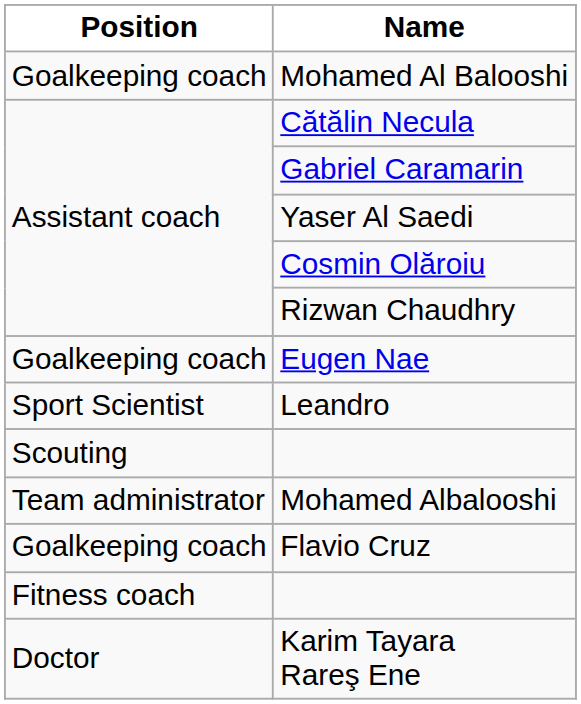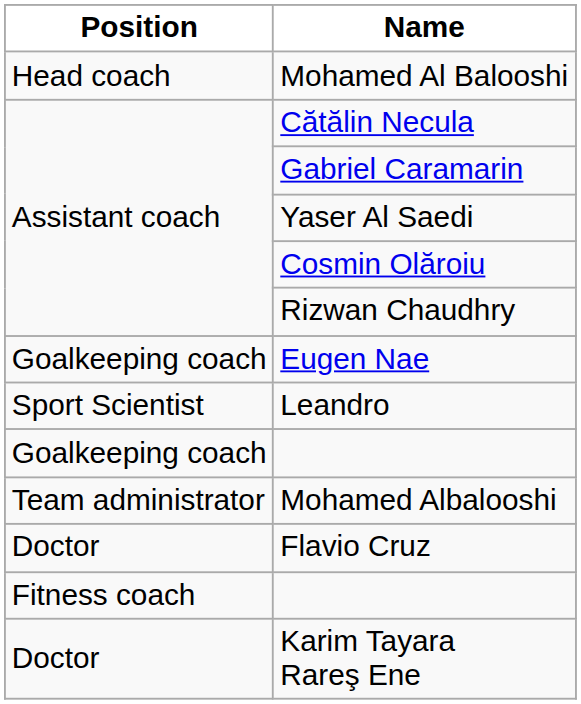 <table class="wikitable">
 <tr>
 <th style="color:#000000;background:#FFFFFF">Position</th>
 <th style="color:#000000;background:#FFFFFF">Name</th>
 </tr>
 <tr>
-<td>Goalkeeping coach</td>
+<td>Head coach</td>
 <td> Mohamed Al Balooshi</td>
 </tr>
 <tr>
 <td rowspan="5">Assistant coach</td>
 <td> <a href='#'>Cătălin Necula</a></td>
 </tr>
 <tr>
 <td> <a href='#'>Gabriel Caramarin</a></td>
 </tr>
 <tr>
 <td> Yaser Al Saedi</td>
 </tr>
 <tr>
 <td> <a href='#'>Cosmin Olăroiu</a></td>
 </tr>
 <tr>
 <td> Rizwan Chaudhry</td>
 </tr>
 <tr>
 <td>Goalkeeping coach</td>
 <td> <a href='#'>Eugen Nae</a></td>
 </tr>
 <tr>
 <td>Sport Scientist</td>
 <td> Leandro</td>
 </tr>
 <tr>
-<td>Scouting</td>
+<td>Goalkeeping coach</td>
 <td></td>
 </tr>
 <tr>
 <td>Team administrator</td>
 <td> Mohamed Albalooshi</td>
 </tr>
 <tr>
-<td>Goalkeeping coach</td>
+<td>Doctor</td>
 <td> Flavio Cruz</td>
 </tr>
 <tr>
 <td>Fitness coach</td>
 <td></td>
 </tr>
 <tr>
 <td>Doctor</td>
 <td> Karim Tayara <br>  Rareş Ene</td>
 </tr>
 </table>
